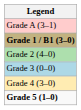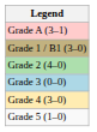 <table class="wikitable" style="font-size:85%;">
 <tr>
 <th>Legend</th>
 </tr>
 <tr bgcolor="ffcccc">
 <td>Grade A (3–1)</td>
 </tr>
 <tr bgcolor="C2B280">
-<td><strong>Grade 1 / B1 (3–0)</strong></td>
+<td>Grade 1 / B1 (3–0)</td>
 </tr>
 <tr bgcolor="ADDFAD">
 <td>Grade 2 (4–0)</td>
 </tr>
 <tr bgcolor="lightblue">
 <td>Grade 3 (0–0)</td>
 </tr>
 <tr bgcolor="ffecb2">
 <td>Grade 4 (3–0)</td>
 </tr>
 <tr>
-<td><strong>Grade 5 (1–0)</strong></td>
+<td>Grade 5 (1–0)</td>
 </tr>
 </table>
